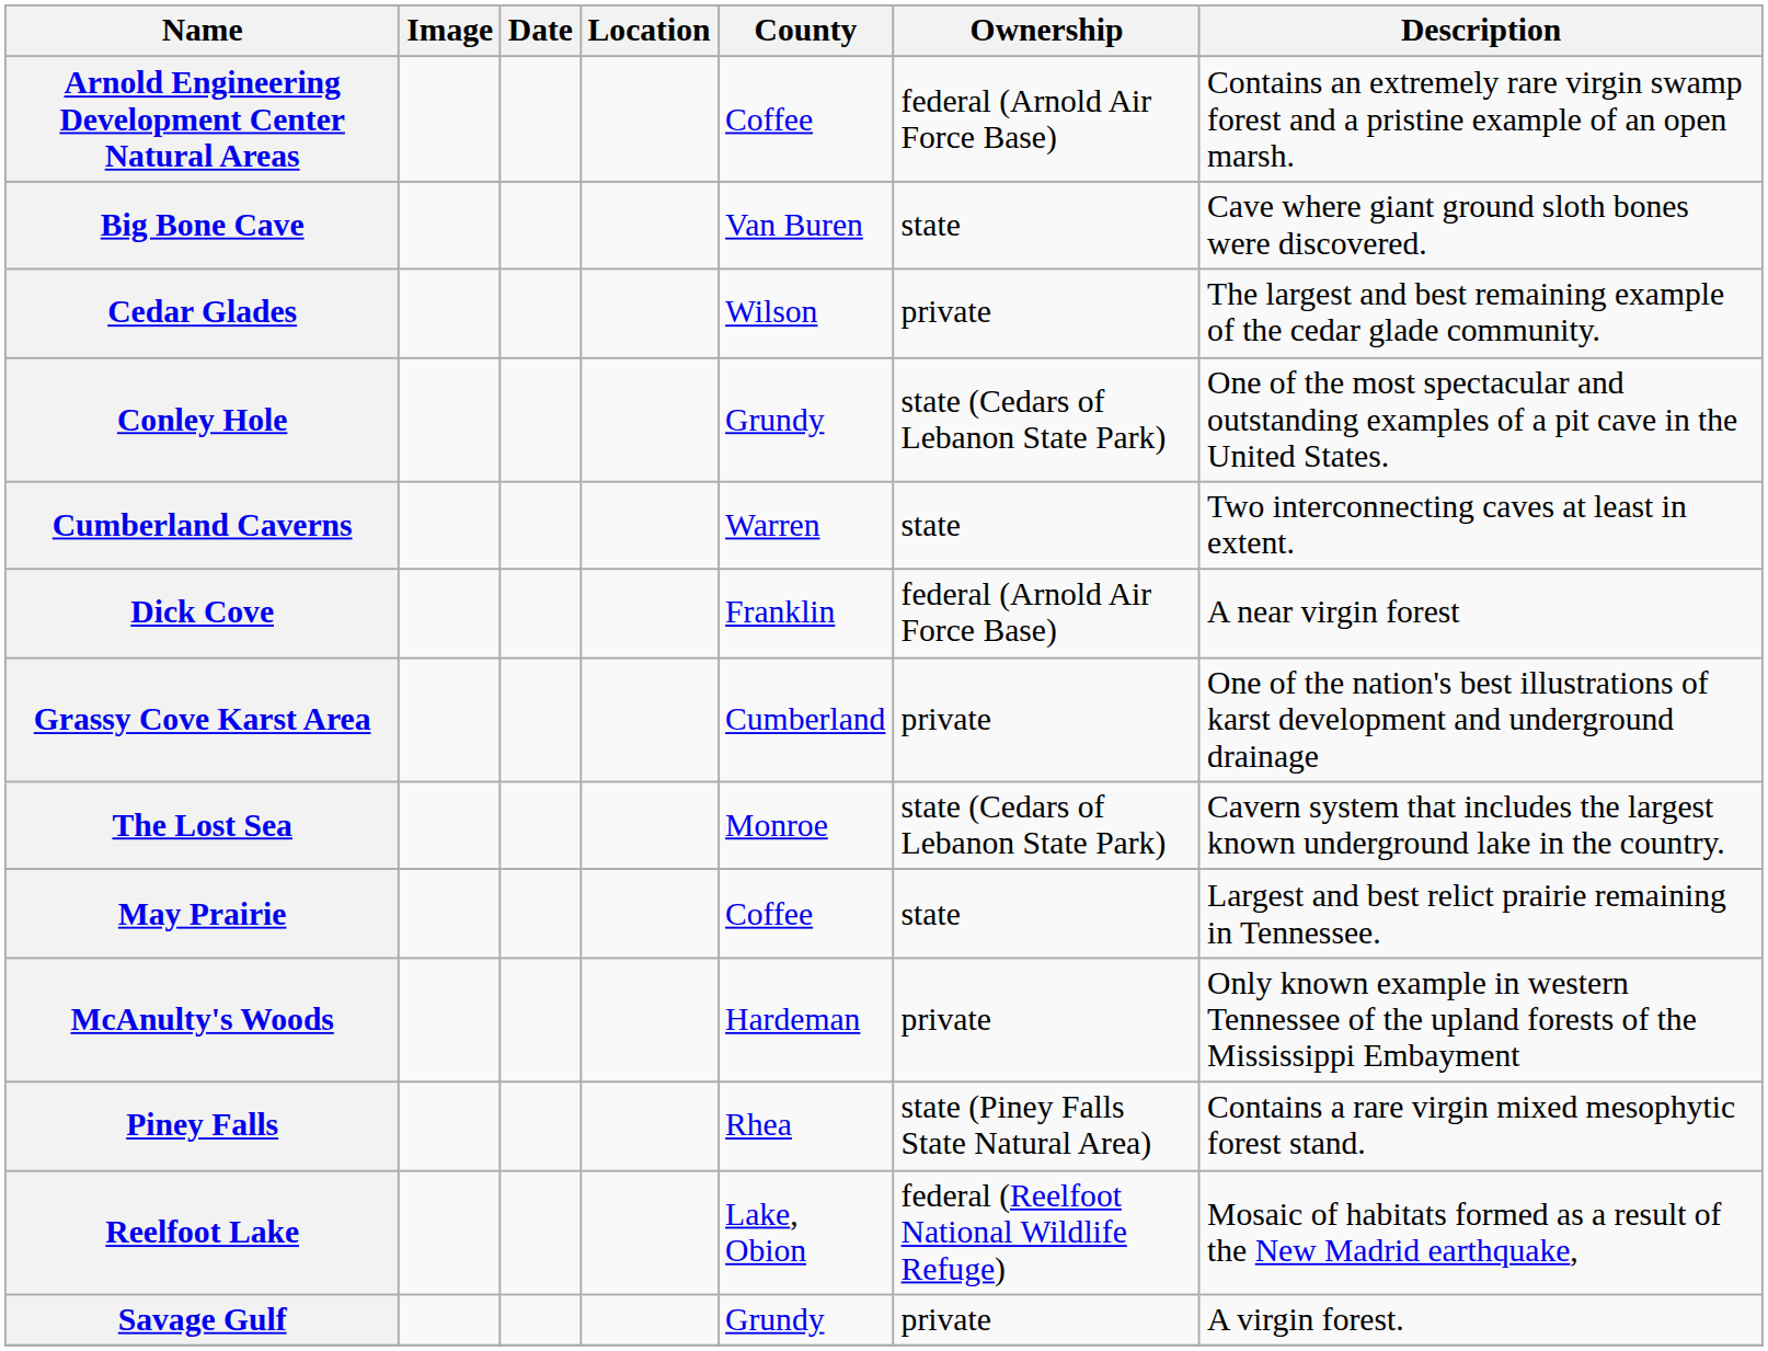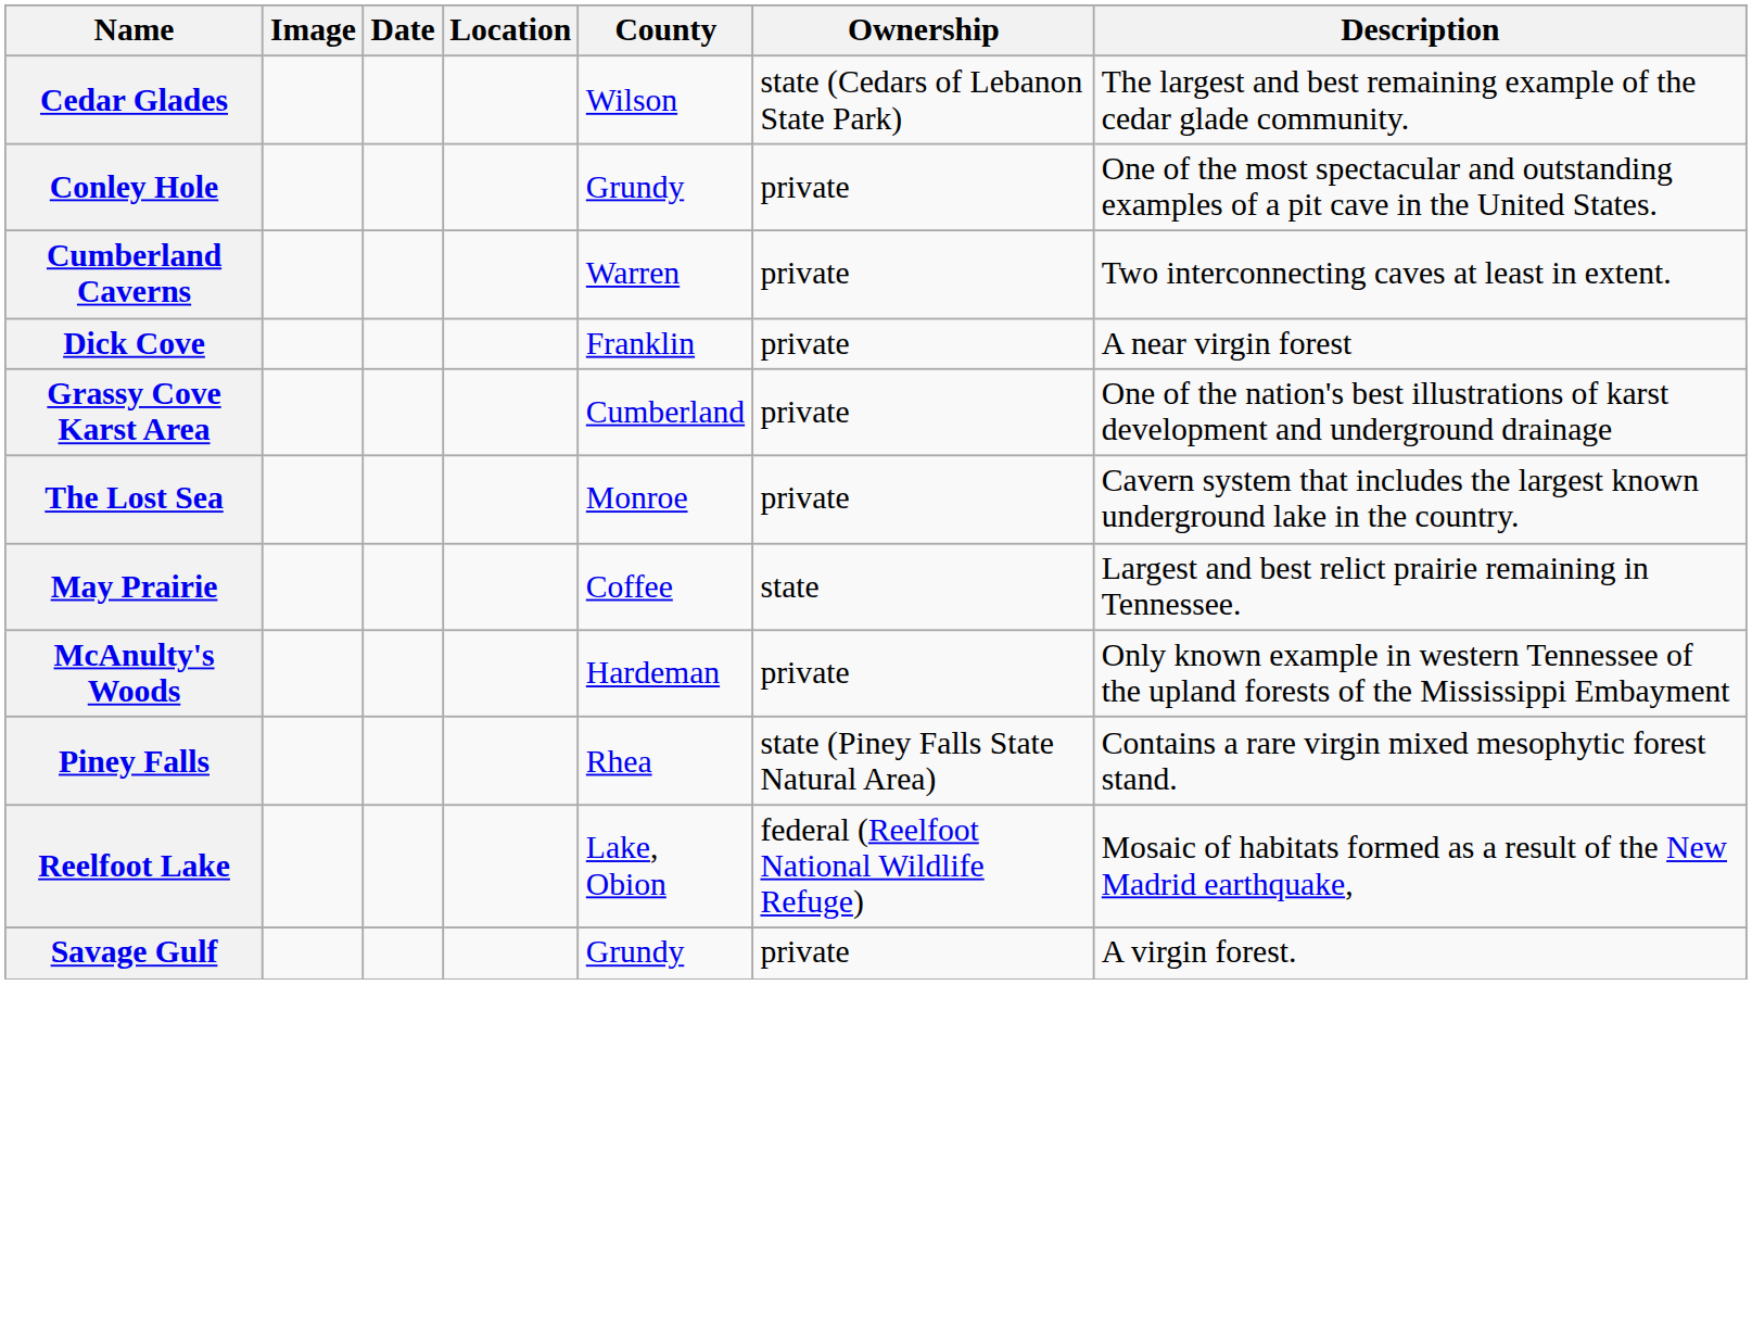 <table class="wikitable sortable" align="center">
 <tr>
 <th style="background-color:">Name</th>
 <th style="background-color:">Image</th>
 <th style="background-color:">Date</th>
 <th style="background-color:">Location</th>
 <th style="background-color:">County</th>
 <th style="background-color:">Ownership</th>
 <th style="background-color:">Description</th>
 </tr>
 <tr>
-<th><a href='#'>Arnold Engineering Development Center Natural Areas</a></th>
-<td></td>
-<td></td>
-<td></td>
-<td><a href='#'>Coffee</a></td>
-<td>federal (Arnold Air Force Base)</td>
-<td>Contains an extremely rare virgin swamp forest and a pristine example of an open marsh.</td>
-</tr>
-<tr>
-<th><a href='#'>Big Bone Cave</a></th>
-<td></td>
-<td></td>
-<td></td>
-<td><a href='#'>Van Buren</a></td>
-<td>state</td>
-<td>Cave where giant ground sloth bones were discovered.</td>
-</tr>
-<tr>
 <th><a href='#'>Cedar Glades</a></th>
 <td></td>
 <td></td>
 <td></td>
 <td><a href='#'>Wilson</a></td>
-<td>private</td>
+<td>state (Cedars of Lebanon State Park)</td>
 <td>The largest and best remaining example of the cedar glade community.</td>
 </tr>
 <tr>
 <th><a href='#'>Conley Hole</a></th>
 <td></td>
 <td></td>
 <td></td>
 <td><a href='#'>Grundy</a></td>
-<td>state (Cedars of Lebanon State Park)</td>
+<td>private</td>
 <td>One of the most spectacular and outstanding examples of a pit cave in the United States.</td>
 </tr>
 <tr>
 <th><a href='#'>Cumberland Caverns</a></th>
 <td></td>
 <td></td>
 <td></td>
 <td><a href='#'>Warren</a></td>
-<td>state</td>
+<td>private</td>
 <td>Two interconnecting caves at least  in extent.</td>
 </tr>
 <tr>
 <th><a href='#'>Dick Cove</a></th>
 <td></td>
 <td></td>
 <td></td>
 <td><a href='#'>Franklin</a></td>
-<td>federal (Arnold Air Force Base)</td>
+<td>private</td>
 <td>A near virgin forest</td>
 </tr>
 <tr>
 <th><a href='#'>Grassy Cove Karst Area</a></th>
 <td></td>
 <td></td>
 <td></td>
 <td><a href='#'>Cumberland</a></td>
 <td>private</td>
 <td>One of the nation's best illustrations of karst development and underground drainage</td>
 </tr>
 <tr>
 <th><a href='#'>The Lost Sea</a></th>
 <td></td>
 <td></td>
 <td></td>
 <td><a href='#'>Monroe</a></td>
-<td>state (Cedars of Lebanon State Park)</td>
+<td>private</td>
 <td>Cavern system that includes the largest known underground lake in the country.</td>
 </tr>
 <tr>
 <th><a href='#'>May Prairie</a></th>
 <td></td>
 <td></td>
 <td></td>
 <td><a href='#'>Coffee</a></td>
 <td>state</td>
 <td>Largest and best relict prairie remaining in Tennessee.</td>
 </tr>
 <tr>
 <th><a href='#'>McAnulty's Woods</a></th>
 <td></td>
 <td></td>
 <td></td>
 <td><a href='#'>Hardeman</a></td>
 <td>private</td>
 <td>Only known example in western Tennessee of the upland forests of the Mississippi Embayment</td>
 </tr>
 <tr>
 <th><a href='#'>Piney Falls</a></th>
 <td></td>
 <td></td>
 <td></td>
 <td><a href='#'>Rhea</a></td>
 <td>state (Piney Falls State Natural Area)</td>
 <td>Contains a rare virgin mixed mesophytic forest stand.</td>
 </tr>
 <tr>
 <th><a href='#'>Reelfoot Lake</a></th>
 <td></td>
 <td></td>
 <td></td>
 <td><a href='#'>Lake</a>, <a href='#'>Obion</a></td>
 <td>federal (<a href='#'>Reelfoot National Wildlife Refuge</a>)</td>
 <td>Mosaic of habitats formed as a result of the <a href='#'>New Madrid earthquake</a>,</td>
 </tr>
 <tr>
 <th><a href='#'>Savage Gulf</a></th>
 <td></td>
 <td></td>
 <td></td>
 <td><a href='#'>Grundy</a></td>
 <td>private</td>
 <td>A virgin forest.</td>
 </tr>
 <tr>
 </tr>
 </table>
